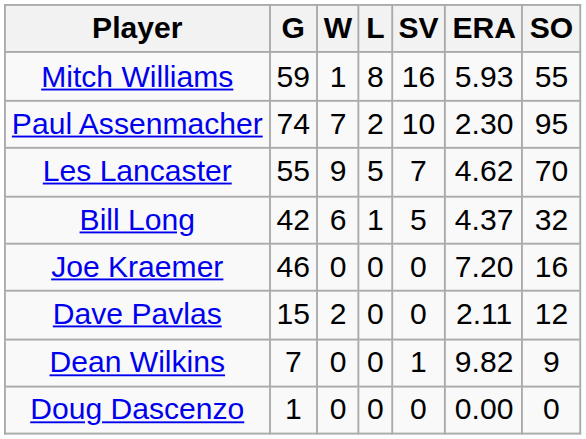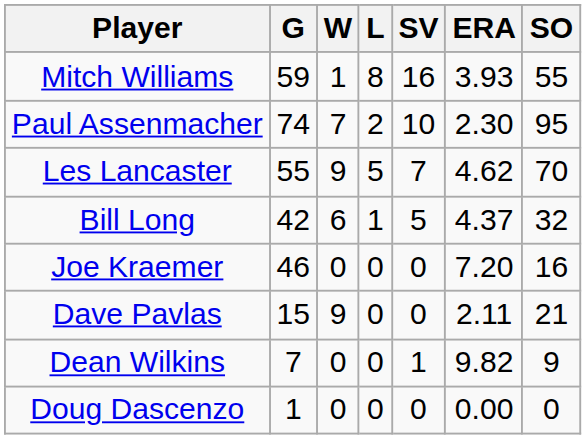 <table class="wikitable sortable" style="text-align:center">
 <tr>
 <th>Player</th>
 <th>G</th>
 <th>W</th>
 <th>L</th>
 <th>SV</th>
 <th>ERA</th>
 <th>SO</th>
 </tr>
 <tr>
 <td><a href='#'>Mitch Williams</a></td>
 <td>59</td>
 <td>1</td>
 <td>8</td>
 <td>16</td>
-<td>5.93</td>
+<td>3.93</td>
 <td>55</td>
 </tr>
 <tr>
 <td><a href='#'>Paul Assenmacher</a></td>
 <td>74</td>
 <td>7</td>
 <td>2</td>
 <td>10</td>
 <td>2.30</td>
 <td>95</td>
 </tr>
 <tr>
 <td><a href='#'>Les Lancaster</a></td>
 <td>55</td>
 <td>9</td>
 <td>5</td>
 <td>7</td>
 <td>4.62</td>
 <td>70</td>
 </tr>
 <tr>
 <td><a href='#'>Bill Long</a></td>
 <td>42</td>
 <td>6</td>
 <td>1</td>
 <td>5</td>
 <td>4.37</td>
 <td>32</td>
 </tr>
 <tr>
 <td><a href='#'>Joe Kraemer</a></td>
 <td>46</td>
 <td>0</td>
 <td>0</td>
 <td>0</td>
 <td>7.20</td>
 <td>16</td>
 </tr>
 <tr>
 <td><a href='#'>Dave Pavlas</a></td>
 <td>15</td>
-<td>2</td>
+<td>9</td>
 <td>0</td>
 <td>0</td>
 <td>2.11</td>
-<td>12</td>
+<td>21</td>
 </tr>
 <tr>
 <td><a href='#'>Dean Wilkins</a></td>
 <td>7</td>
 <td>0</td>
 <td>0</td>
 <td>1</td>
 <td>9.82</td>
 <td>9</td>
 </tr>
 <tr>
 <td><a href='#'>Doug Dascenzo</a></td>
 <td>1</td>
 <td>0</td>
 <td>0</td>
 <td>0</td>
 <td>0.00</td>
 <td>0</td>
 </tr>
 </table>
